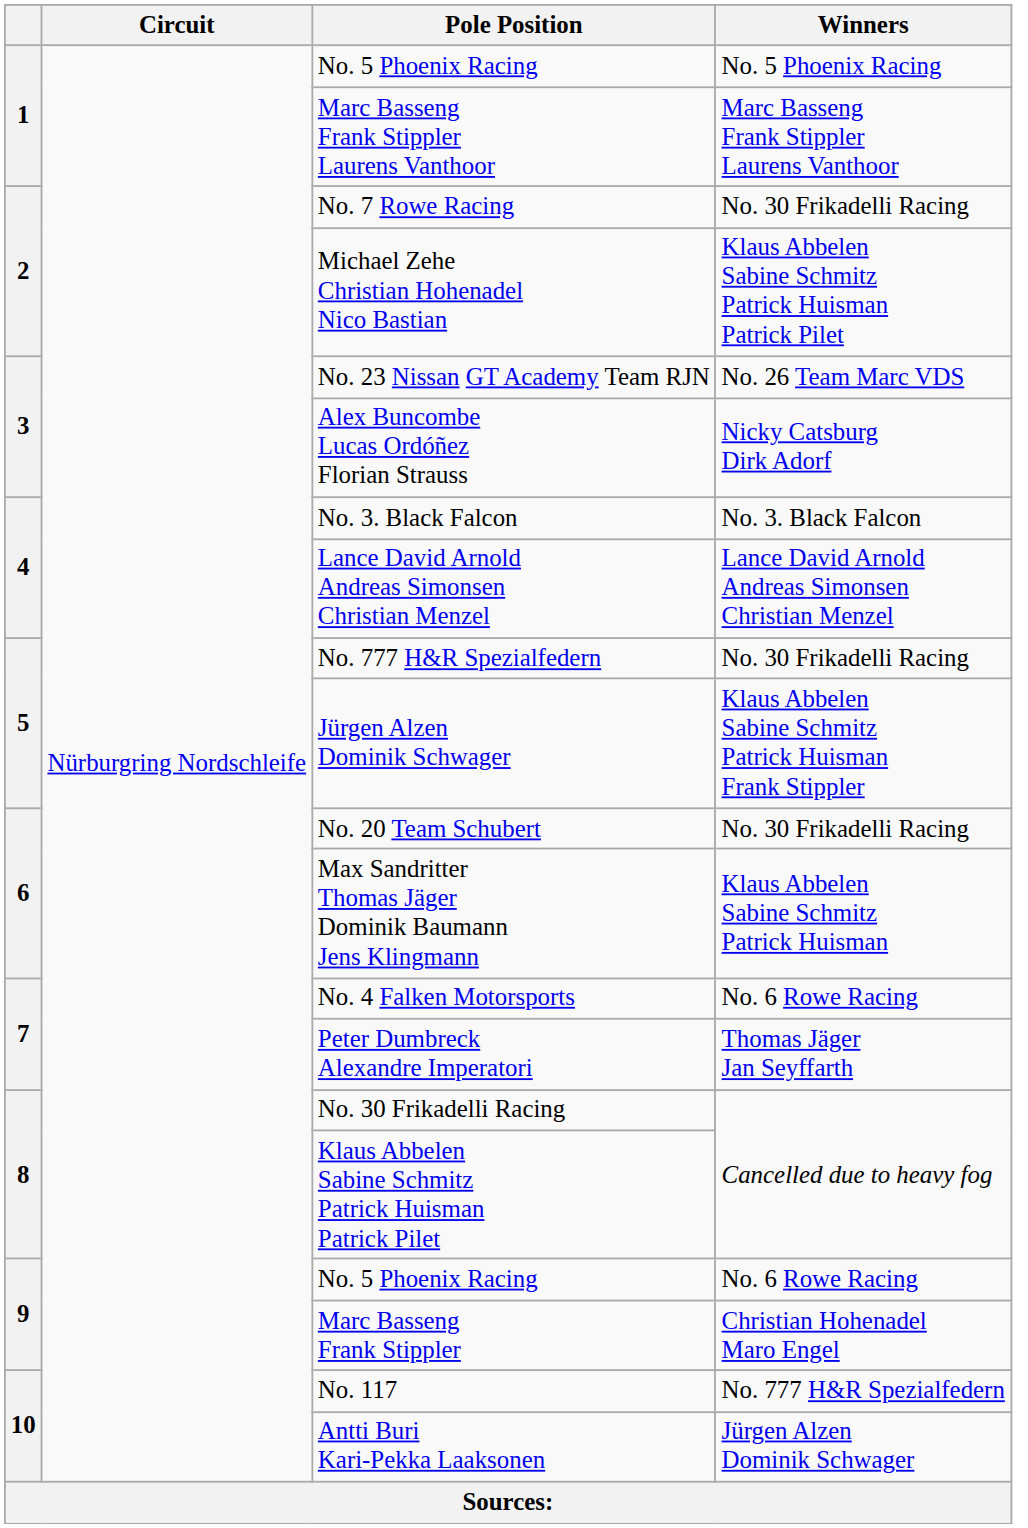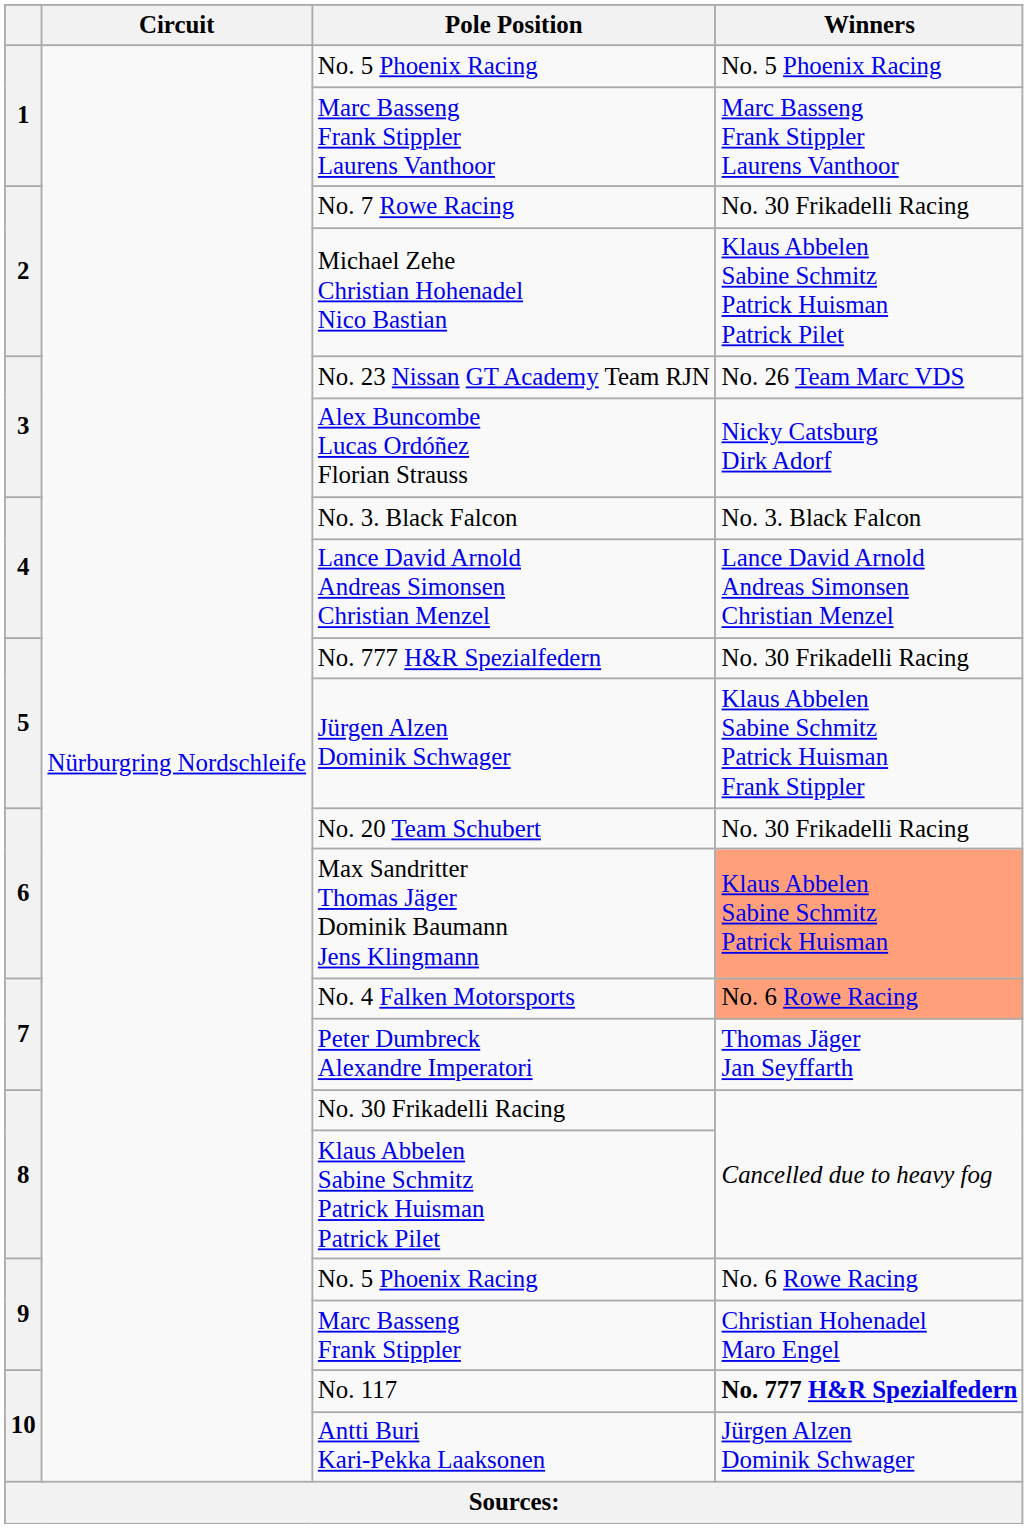 <table class="wikitable" style="font-size: 85%;">
 <tr>
 <th></th>
 <th>Circuit</th>
 <th>Pole Position</th>
 <th>Winners</th>
 </tr>
 <tr>
 <th rowspan=2>1</th>
 <td rowspan="20"> <a href='#'>Nürburgring Nordschleife</a></td>
 <td>No. 5  <a href='#'>Phoenix Racing</a></td>
 <td>No. 5  <a href='#'>Phoenix Racing</a></td>
 </tr>
 <tr>
 <td> <a href='#'>Marc Basseng</a><br> <a href='#'>Frank Stippler</a><br> <a href='#'>Laurens Vanthoor</a></td>
 <td> <a href='#'>Marc Basseng</a><br> <a href='#'>Frank Stippler</a><br> <a href='#'>Laurens Vanthoor</a></td>
 </tr>
 <tr>
 <th rowspan=2>2</th>
 <td>No. 7  <a href='#'>Rowe Racing</a></td>
 <td>No. 30  Frikadelli Racing</td>
 </tr>
 <tr>
 <td> Michael Zehe<br> <a href='#'>Christian Hohenadel</a><br> <a href='#'>Nico Bastian</a></td>
 <td> <a href='#'>Klaus Abbelen</a><br> <a href='#'>Sabine Schmitz</a><br> <a href='#'>Patrick Huisman</a><br> <a href='#'>Patrick Pilet</a></td>
 </tr>
 <tr>
 <th rowspan=2>3</th>
 <td>No. 23  <a href='#'>Nissan</a> <a href='#'>GT Academy</a> Team RJN</td>
 <td>No. 26  <a href='#'>Team Marc VDS</a></td>
 </tr>
 <tr>
 <td> <a href='#'>Alex Buncombe</a><br> <a href='#'>Lucas Ordóñez</a><br> Florian Strauss</td>
 <td> <a href='#'>Nicky Catsburg</a><br> <a href='#'>Dirk Adorf</a></td>
 </tr>
 <tr>
 <th rowspan=2>4</th>
 <td>No. 3.  Black Falcon</td>
 <td>No. 3.  Black Falcon</td>
 </tr>
 <tr>
 <td> <a href='#'>Lance David Arnold</a><br> <a href='#'>Andreas Simonsen</a><br> <a href='#'>Christian Menzel</a></td>
 <td> <a href='#'>Lance David Arnold</a><br> <a href='#'>Andreas Simonsen</a><br> <a href='#'>Christian Menzel</a></td>
 </tr>
 <tr>
 <th rowspan=2>5</th>
 <td>No. 777  <a href='#'>H&R Spezialfedern</a></td>
 <td>No. 30  Frikadelli Racing</td>
 </tr>
 <tr>
 <td> <a href='#'>Jürgen Alzen</a><br> <a href='#'>Dominik Schwager</a></td>
 <td> <a href='#'>Klaus Abbelen</a><br> <a href='#'>Sabine Schmitz</a><br> <a href='#'>Patrick Huisman</a><br> <a href='#'>Frank Stippler</a></td>
 </tr>
 <tr>
 <th rowspan=2>6</th>
 <td>No. 20  <a href='#'>Team Schubert</a></td>
 <td>No. 30  Frikadelli Racing</td>
 </tr>
 <tr>
 <td> Max Sandritter<br> <a href='#'>Thomas Jäger</a><br> Dominik Baumann<br> <a href='#'>Jens Klingmann</a></td>
-<td> <a href='#'>Klaus Abbelen</a><br> <a href='#'>Sabine Schmitz</a><br> <a href='#'>Patrick Huisman</a></td>
+<td style="background: lightsalmon;"> <a href='#'>Klaus Abbelen</a><br> <a href='#'>Sabine Schmitz</a><br> <a href='#'>Patrick Huisman</a></td>
 </tr>
 <tr>
 <th rowspan=2>7</th>
 <td>No. 4  <a href='#'>Falken Motorsports</a></td>
-<td>No. 6 <a href='#'>Rowe Racing</a></td>
+<td style="background: lightsalmon;">No. 6 <a href='#'>Rowe Racing</a></td>
 </tr>
 <tr>
 <td> <a href='#'>Peter Dumbreck</a><br> <a href='#'>Alexandre Imperatori</a></td>
 <td> <a href='#'>Thomas Jäger</a><br> <a href='#'>Jan Seyffarth</a></td>
 </tr>
 <tr>
 <th rowspan=2>8</th>
 <td>No. 30  Frikadelli Racing</td>
 <td rowspan=2><em>Cancelled due to heavy fog</em></td>
 </tr>
 <tr>
 <td> <a href='#'>Klaus Abbelen</a><br> <a href='#'>Sabine Schmitz</a><br> <a href='#'>Patrick Huisman</a><br> <a href='#'>Patrick Pilet</a></td>
 </tr>
 <tr>
 <th rowspan=2>9</th>
 <td>No. 5  <a href='#'>Phoenix Racing</a></td>
 <td>No. 6  <a href='#'>Rowe Racing</a></td>
 </tr>
 <tr>
 <td> <a href='#'>Marc Basseng</a><br> <a href='#'>Frank Stippler</a></td>
 <td> <a href='#'>Christian Hohenadel</a><br> <a href='#'>Maro Engel</a></td>
 </tr>
 <tr>
 <th rowspan=2>10</th>
 <td>No. 117</td>
-<td>No. 777  <a href='#'>H&R Spezialfedern</a></td>
+<td><strong>No. 777  <a href='#'>H&R Spezialfedern</a></strong></td>
 </tr>
 <tr>
 <td> <a href='#'>Antti Buri</a><br> <a href='#'>Kari-Pekka Laaksonen</a></td>
 <td> <a href='#'>Jürgen Alzen</a><br> <a href='#'>Dominik Schwager</a></td>
 </tr>
 <tr>
 <th colspan=4>Sources:</th>
 </tr>
 </table>
